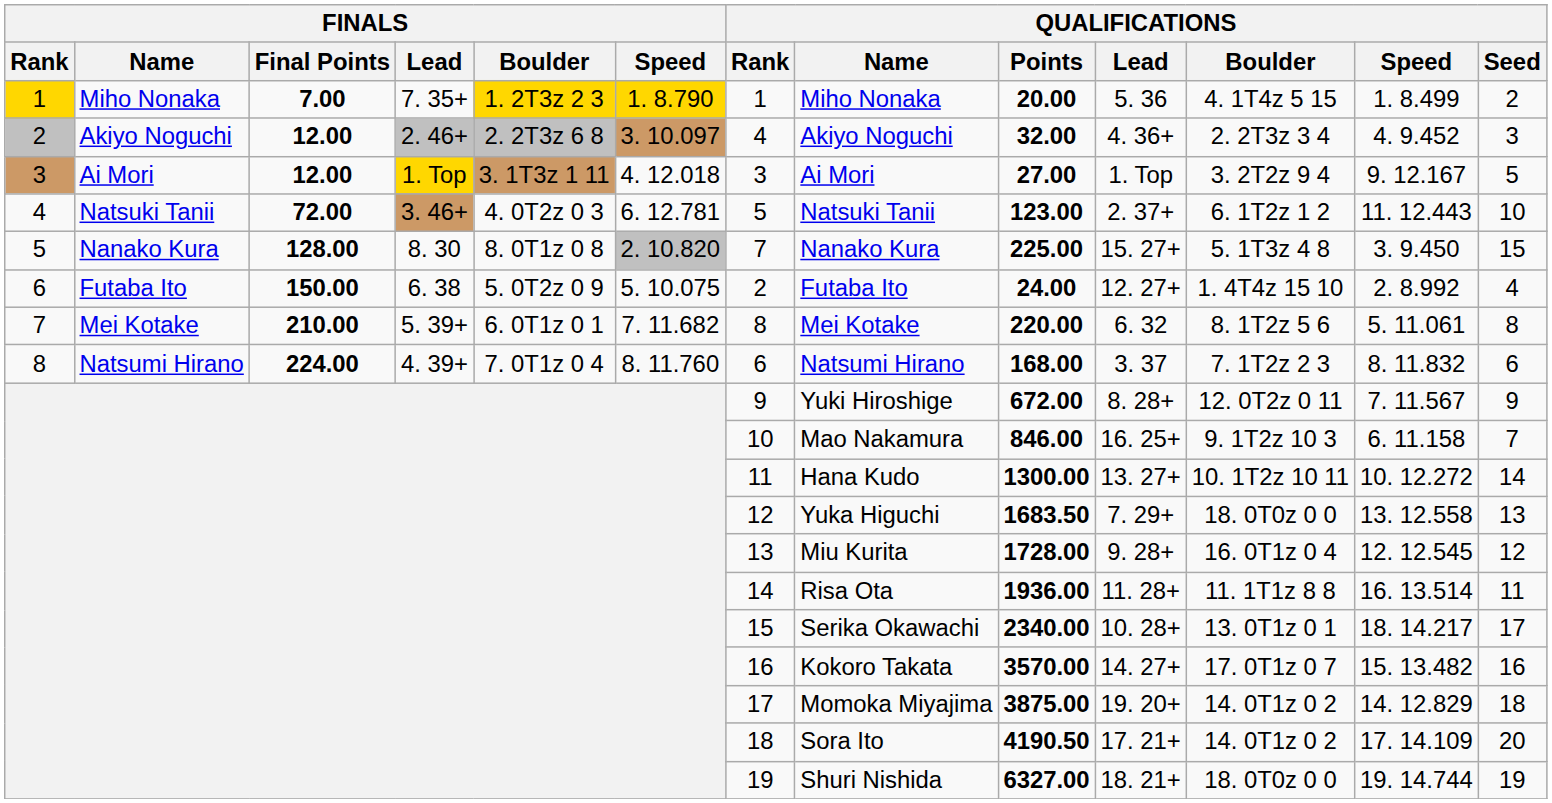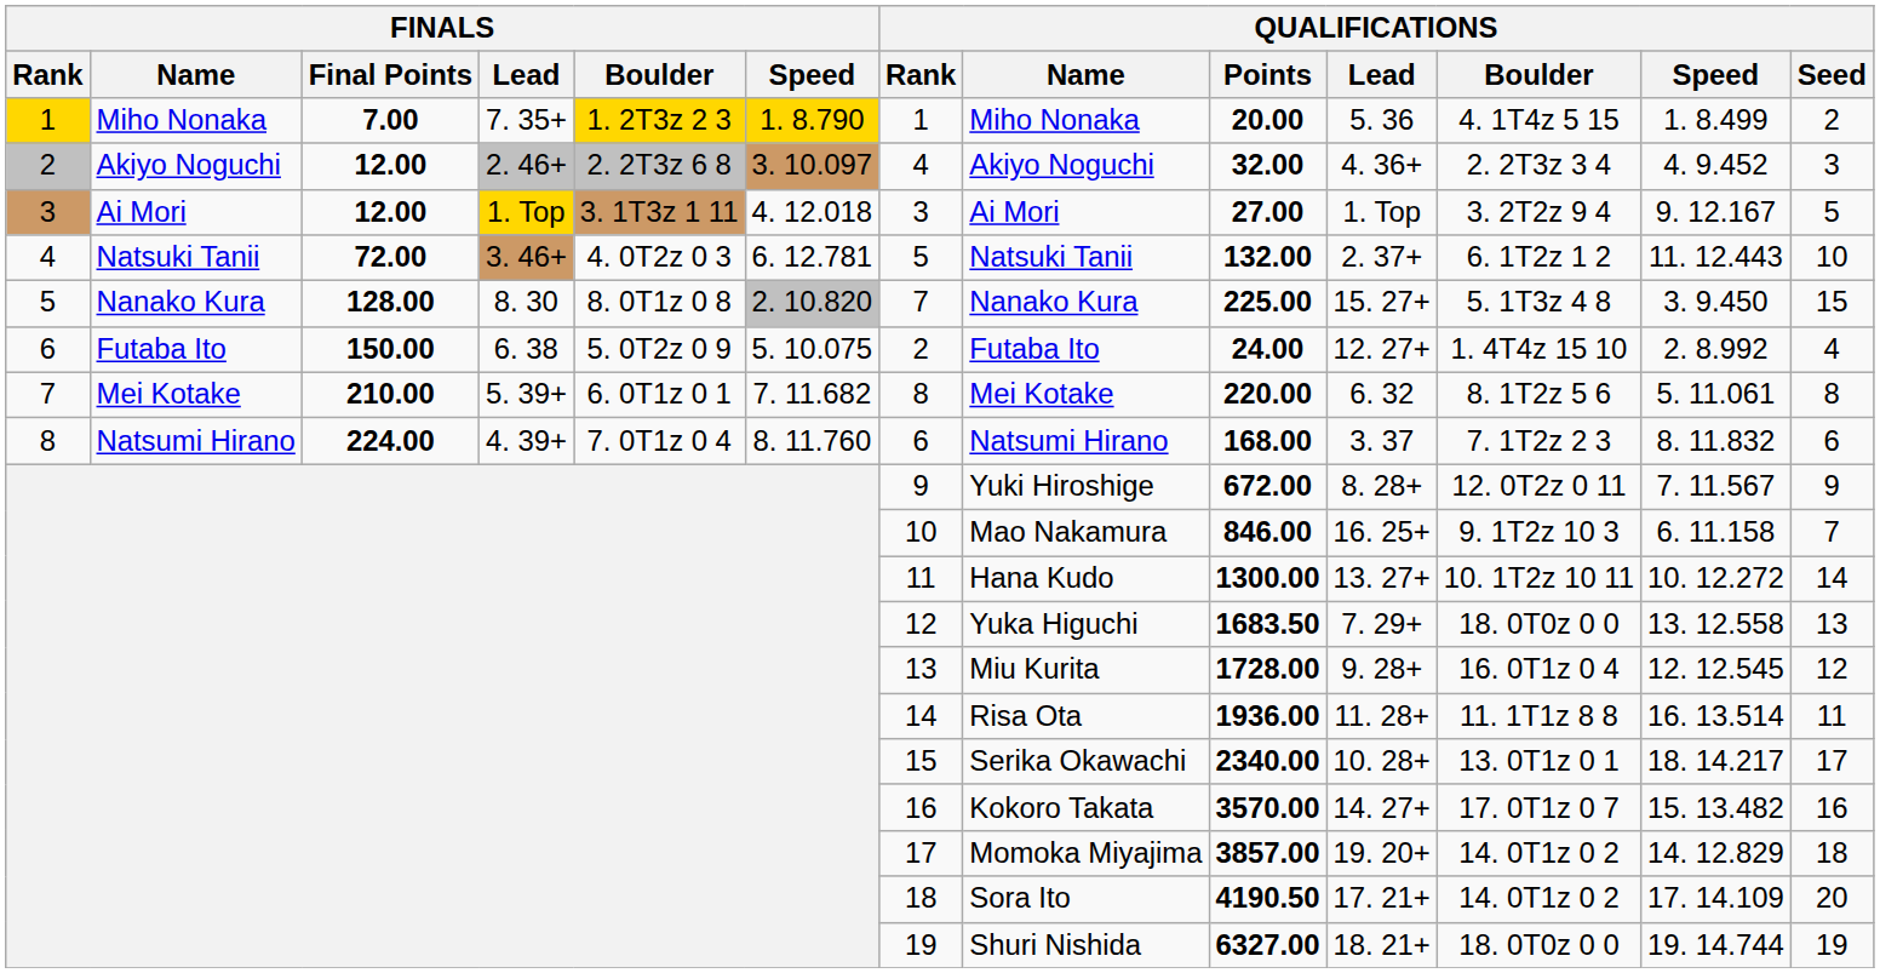 <table class="wikitable sortable" style="text-align:center">
 <tr>
 <th colspan="6">FINALS</th>
 <th colspan="7">QUALIFICATIONS</th>
 </tr>
 <tr>
 <th>Rank</th>
 <th>Name</th>
 <th>Final Points</th>
 <th>Lead</th>
 <th>Boulder</th>
 <th>Speed</th>
 <th>Rank</th>
 <th>Name</th>
 <th>Points</th>
 <th data-sort-type="number">Lead</th>
 <th data-sort-type="number">Boulder</th>
 <th data-sort-type="number">Speed</th>
 <th>Seed</th>
 </tr>
 <tr>
 <td style="background: gold;">1</td>
 <td align="left"><a href='#'>Miho Nonaka</a></td>
 <td><strong>7.00</strong></td>
 <td>7. 35+</td>
 <td style="background: gold;">1. 2T3z 2 3</td>
 <td style="background: gold;">1. 8.790</td>
 <td>1</td>
 <td align="left"><a href='#'>Miho Nonaka</a></td>
 <td><strong>20.00</strong></td>
 <td>5. 36</td>
 <td>4. 1T4z 5 15</td>
 <td>1. 8.499</td>
 <td>2</td>
 </tr>
 <tr>
 <td style="background: silver;">2</td>
 <td align="left"><a href='#'>Akiyo Noguchi</a></td>
 <td><strong>12.00</strong></td>
 <td style="background: silver;">2. 46+</td>
 <td style="background: silver;">2. 2T3z 6 8</td>
 <td style="background: #cc9966;">3. 10.097</td>
 <td>4</td>
 <td align="left"><a href='#'>Akiyo Noguchi</a></td>
 <td><strong>32.00</strong></td>
 <td>4. 36+</td>
 <td>2. 2T3z 3 4</td>
 <td>4. 9.452</td>
 <td>3</td>
 </tr>
 <tr>
 <td style="background: #cc9966;">3</td>
 <td align="left"><a href='#'>Ai Mori</a></td>
 <td><strong>12.00</strong></td>
 <td style="background: gold;">1. Top</td>
 <td style="background: #cc9966;">3. 1T3z 1 11</td>
 <td>4. 12.018</td>
 <td>3</td>
 <td align="left"><a href='#'>Ai Mori</a></td>
 <td><strong>27.00</strong></td>
 <td>1. Top</td>
 <td>3. 2T2z 9 4</td>
 <td>9. 12.167</td>
 <td>5</td>
 </tr>
 <tr>
 <td>4</td>
 <td align="left"><a href='#'>Natsuki Tanii</a></td>
 <td><strong>72.00</strong></td>
 <td style="background: #cc9966;">3. 46+</td>
 <td>4. 0T2z 0 3</td>
 <td>6. 12.781</td>
 <td>5</td>
 <td align="left"><a href='#'>Natsuki Tanii</a></td>
-<td><strong>123.00</strong></td>
+<td><strong>132.00</strong></td>
 <td>2. 37+</td>
 <td>6. 1T2z 1 2</td>
 <td>11. 12.443</td>
 <td>10</td>
 </tr>
 <tr>
 <td>5</td>
 <td align="left"><a href='#'>Nanako Kura</a></td>
 <td><strong>128.00</strong></td>
 <td>8. 30</td>
 <td>8. 0T1z 0 8</td>
 <td style="background: silver;">2. 10.820</td>
 <td>7</td>
 <td align="left"><a href='#'>Nanako Kura</a></td>
 <td><strong>225.00</strong></td>
 <td>15. 27+</td>
 <td>5. 1T3z 4 8</td>
 <td>3. 9.450</td>
 <td>15</td>
 </tr>
 <tr>
 <td>6</td>
 <td align="left"><a href='#'>Futaba Ito</a></td>
 <td><strong>150.00</strong></td>
 <td>6. 38</td>
 <td>5. 0T2z 0 9</td>
 <td>5. 10.075</td>
 <td>2</td>
 <td align="left"><a href='#'>Futaba Ito</a></td>
 <td><strong>24.00</strong></td>
 <td>12. 27+</td>
 <td>1. 4T4z 15 10</td>
 <td>2. 8.992</td>
 <td>4</td>
 </tr>
 <tr>
 <td>7</td>
 <td align="left"><a href='#'>Mei Kotake</a></td>
 <td><strong>210.00</strong></td>
 <td>5. 39+</td>
 <td>6. 0T1z 0 1</td>
 <td>7. 11.682</td>
 <td>8</td>
 <td align="left"><a href='#'>Mei Kotake</a></td>
 <td><strong>220.00</strong></td>
 <td>6. 32</td>
 <td>8. 1T2z 5 6</td>
 <td>5. 11.061</td>
 <td>8</td>
 </tr>
 <tr>
 <td>8</td>
 <td align="left"><a href='#'>Natsumi Hirano</a></td>
 <td><strong>224.00</strong></td>
 <td>4. 39+</td>
 <td>7. 0T1z 0 4</td>
 <td>8. 11.760</td>
 <td>6</td>
 <td align="left"><a href='#'>Natsumi Hirano</a></td>
 <td><strong>168.00</strong></td>
 <td>3. 37</td>
 <td>7. 1T2z 2 3</td>
 <td>8. 11.832</td>
 <td>6</td>
 </tr>
 <tr>
 <th colspan="6" rowspan="11"></th>
 <td>9</td>
 <td align="left">Yuki Hiroshige</td>
 <td><strong>672.00</strong></td>
 <td>8. 28+</td>
 <td>12. 0T2z 0 11</td>
 <td>7. 11.567</td>
 <td>9</td>
 </tr>
 <tr>
 <td>10</td>
 <td align="left">Mao Nakamura</td>
 <td><strong>846.00</strong></td>
 <td>16. 25+</td>
 <td>9. 1T2z 10 3</td>
 <td>6. 11.158</td>
 <td>7</td>
 </tr>
 <tr>
 <td>11</td>
 <td align="left">Hana Kudo</td>
 <td><strong>1300.00</strong></td>
 <td>13. 27+</td>
 <td>10. 1T2z 10 11</td>
 <td>10. 12.272</td>
 <td>14</td>
 </tr>
 <tr>
 <td>12</td>
 <td align="left">Yuka Higuchi</td>
 <td><strong>1683.50</strong></td>
 <td>7. 29+</td>
 <td>18. 0T0z 0 0</td>
 <td>13. 12.558</td>
 <td>13</td>
 </tr>
 <tr>
 <td>13</td>
 <td align="left">Miu Kurita</td>
 <td><strong>1728.00</strong></td>
 <td>9. 28+</td>
 <td>16. 0T1z 0 4</td>
 <td>12. 12.545</td>
 <td>12</td>
 </tr>
 <tr>
 <td>14</td>
 <td align="left">Risa Ota</td>
 <td><strong>1936.00</strong></td>
 <td>11. 28+</td>
 <td>11. 1T1z 8 8</td>
 <td>16. 13.514</td>
 <td>11</td>
 </tr>
 <tr>
 <td>15</td>
 <td align="left">Serika Okawachi</td>
 <td><strong>2340.00</strong></td>
 <td>10. 28+</td>
 <td>13. 0T1z 0 1</td>
 <td>18. 14.217</td>
 <td>17</td>
 </tr>
 <tr>
 <td>16</td>
 <td align="left">Kokoro Takata</td>
 <td><strong>3570.00</strong></td>
 <td>14. 27+</td>
 <td>17. 0T1z 0 7</td>
 <td>15. 13.482</td>
 <td>16</td>
 </tr>
 <tr>
 <td>17</td>
 <td align="left">Momoka Miyajima</td>
-<td><strong>3875.00</strong></td>
+<td><strong>3857.00</strong></td>
 <td>19. 20+</td>
 <td>14. 0T1z 0 2</td>
 <td>14. 12.829</td>
 <td>18</td>
 </tr>
 <tr>
 <td>18</td>
 <td align="left">Sora Ito</td>
 <td><strong>4190.50</strong></td>
 <td>17. 21+</td>
 <td>14. 0T1z 0 2</td>
 <td>17. 14.109</td>
 <td>20</td>
 </tr>
 <tr>
 <td>19</td>
 <td align="left">Shuri Nishida</td>
 <td><strong>6327.00</strong></td>
 <td>18. 21+</td>
 <td>18. 0T0z 0 0</td>
 <td>19. 14.744</td>
 <td>19</td>
 </tr>
 </table>
